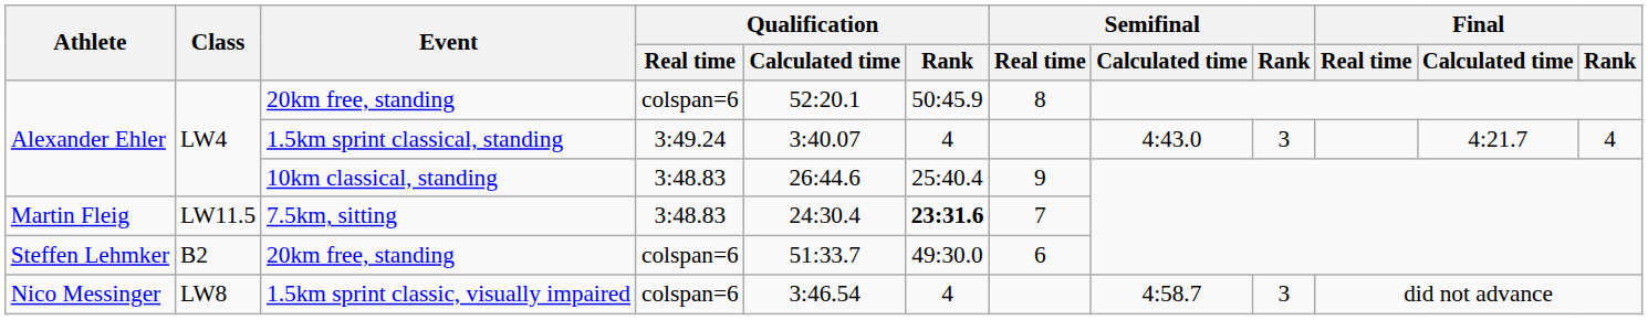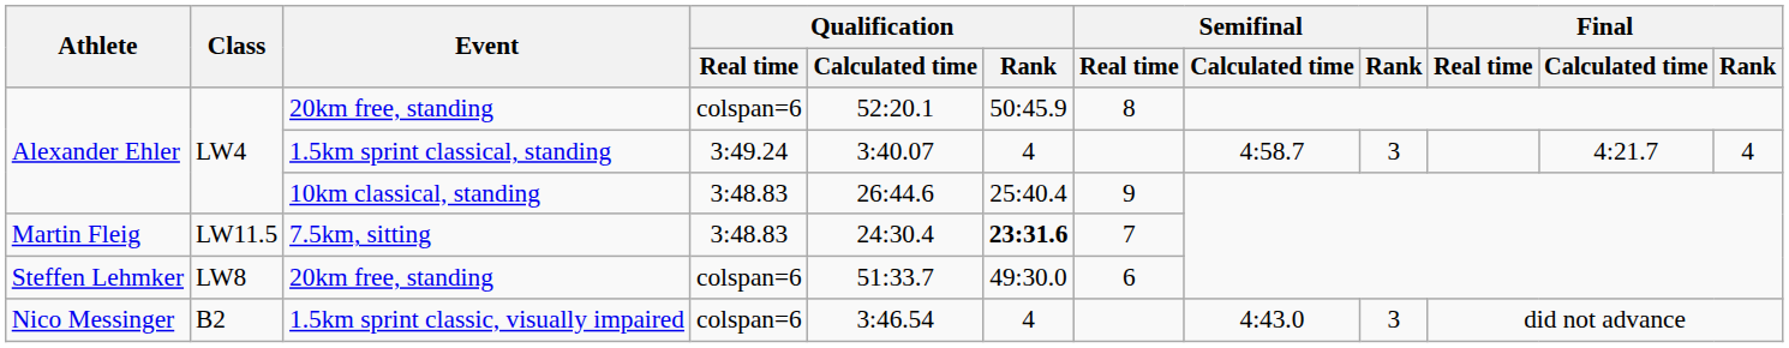 <table class=wikitable style="font-size:90%">
 <tr>
 <th rowspan=2>Athlete</th>
 <th rowspan=2>Class</th>
 <th rowspan=2>Event</th>
 <th colspan=3>Qualification</th>
 <th colspan=3>Semifinal</th>
 <th colspan=3>Final</th>
 </tr>
 <tr style="font-size:95%">
 <th>Real time</th>
 <th>Calculated time</th>
 <th>Rank</th>
 <th>Real time</th>
 <th>Calculated time</th>
 <th>Rank</th>
 <th>Real time</th>
 <th>Calculated time</th>
 <th>Rank</th>
 </tr>
 <tr>
 <td rowspan=3><a href='#'>Alexander Ehler</a></td>
 <td rowspan=3>LW4</td>
 <td><a href='#'>20km free, standing</a></td>
 <td>colspan=6 </td>
 <td align="center">52:20.1</td>
 <td align="center">50:45.9</td>
 <td align="center">8</td>
 </tr>
 <tr>
 <td><a href='#'>1.5km sprint classical, standing</a></td>
 <td align="center">3:49.24</td>
 <td align="center">3:40.07</td>
 <td align="center">4</td>
 <td></td>
-<td align="center">4:43.0</td>
+<td align="center">4:58.7</td>
 <td align="center">3</td>
 <td></td>
 <td align="center">4:21.7</td>
 <td align="center">4</td>
 </tr>
 <tr>
 <td><a href='#'>10km classical, standing</a></td>
 <td align="center">3:48.83</td>
 <td align="center">26:44.6</td>
 <td align="center">25:40.4</td>
 <td align="center">9</td>
 </tr>
 <tr>
 <td><a href='#'>Martin Fleig</a></td>
 <td>LW11.5</td>
 <td><a href='#'>7.5km, sitting</a></td>
 <td align="center">3:48.83</td>
 <td align="center">24:30.4</td>
 <td align="center"><strong>23:31.6</strong></td>
 <td align="center">7</td>
 </tr>
 <tr>
 <td><a href='#'>Steffen Lehmker</a></td>
-<td>B2</td>
+<td>LW8</td>
 <td><a href='#'>20km free, standing</a></td>
 <td>colspan=6 </td>
 <td align="center">51:33.7</td>
 <td align="center">49:30.0</td>
 <td align="center">6</td>
 </tr>
 <tr>
 <td><a href='#'>Nico Messinger</a><br></td>
-<td>LW8</td>
+<td>B2</td>
 <td><a href='#'>1.5km sprint classic, visually impaired</a></td>
 <td>colspan=6 </td>
 <td align="center">3:46.54</td>
 <td align="center">4</td>
 <td></td>
-<td align="center">4:58.7</td>
+<td align="center">4:43.0</td>
 <td align="center">3</td>
 <td colspan=3 align="center">did not advance</td>
 </tr>
 </table>
